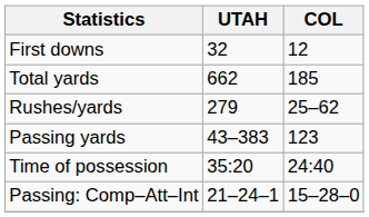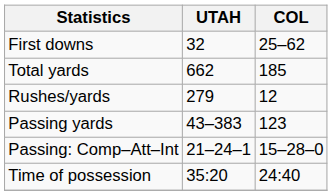 <table class="wikitable" style="float: left;">
 <tr>
 <th>Statistics</th>
 <th>UTAH</th>
 <th>COL</th>
 </tr>
 <tr>
 <td>First downs</td>
 <td>32</td>
-<td>12</td>
+<td>25–62</td>
 </tr>
 <tr>
 <td>Total yards</td>
 <td>662</td>
 <td>185</td>
 </tr>
 <tr>
 <td>Rushes/yards</td>
 <td>279</td>
-<td>25–62</td>
+<td>12</td>
 </tr>
 <tr>
 <td>Passing yards</td>
 <td>43–383</td>
 <td>123</td>
 </tr>
 <tr>
+<td>Passing: Comp–Att–Int</td>
+<td>21–24–1</td>
+<td>15–28–0</td>
+</tr>
+<tr>
 <td>Time of possession</td>
 <td>35:20</td>
 <td>24:40</td>
 </tr>
 <tr>
-<td>Passing: Comp–Att–Int</td>
-<td>21–24–1</td>
-<td>15–28–0</td>
-</tr>
-<tr>
 </tr>
 </table>
